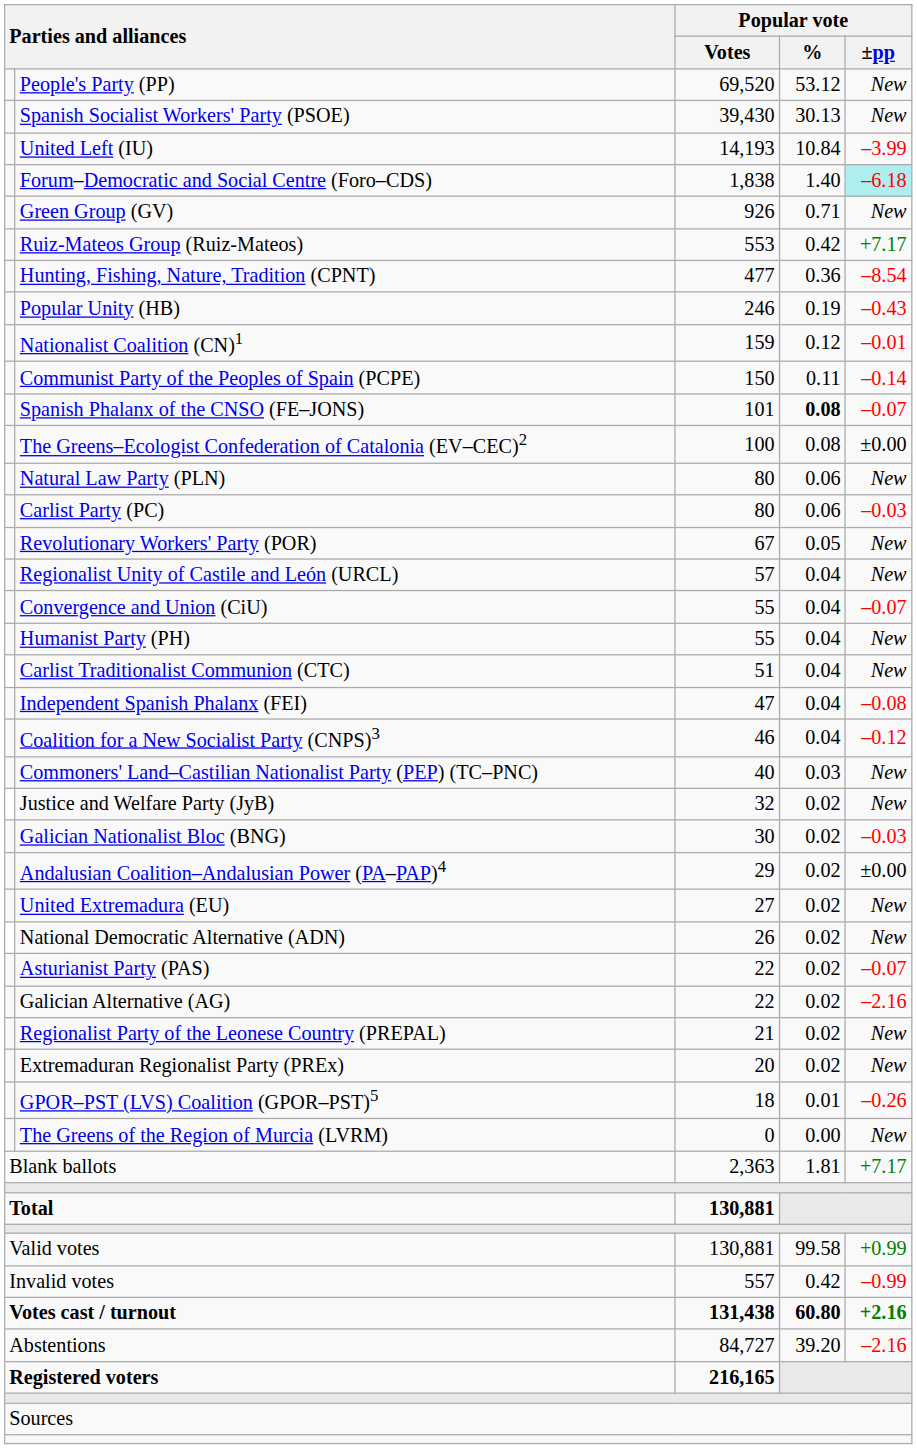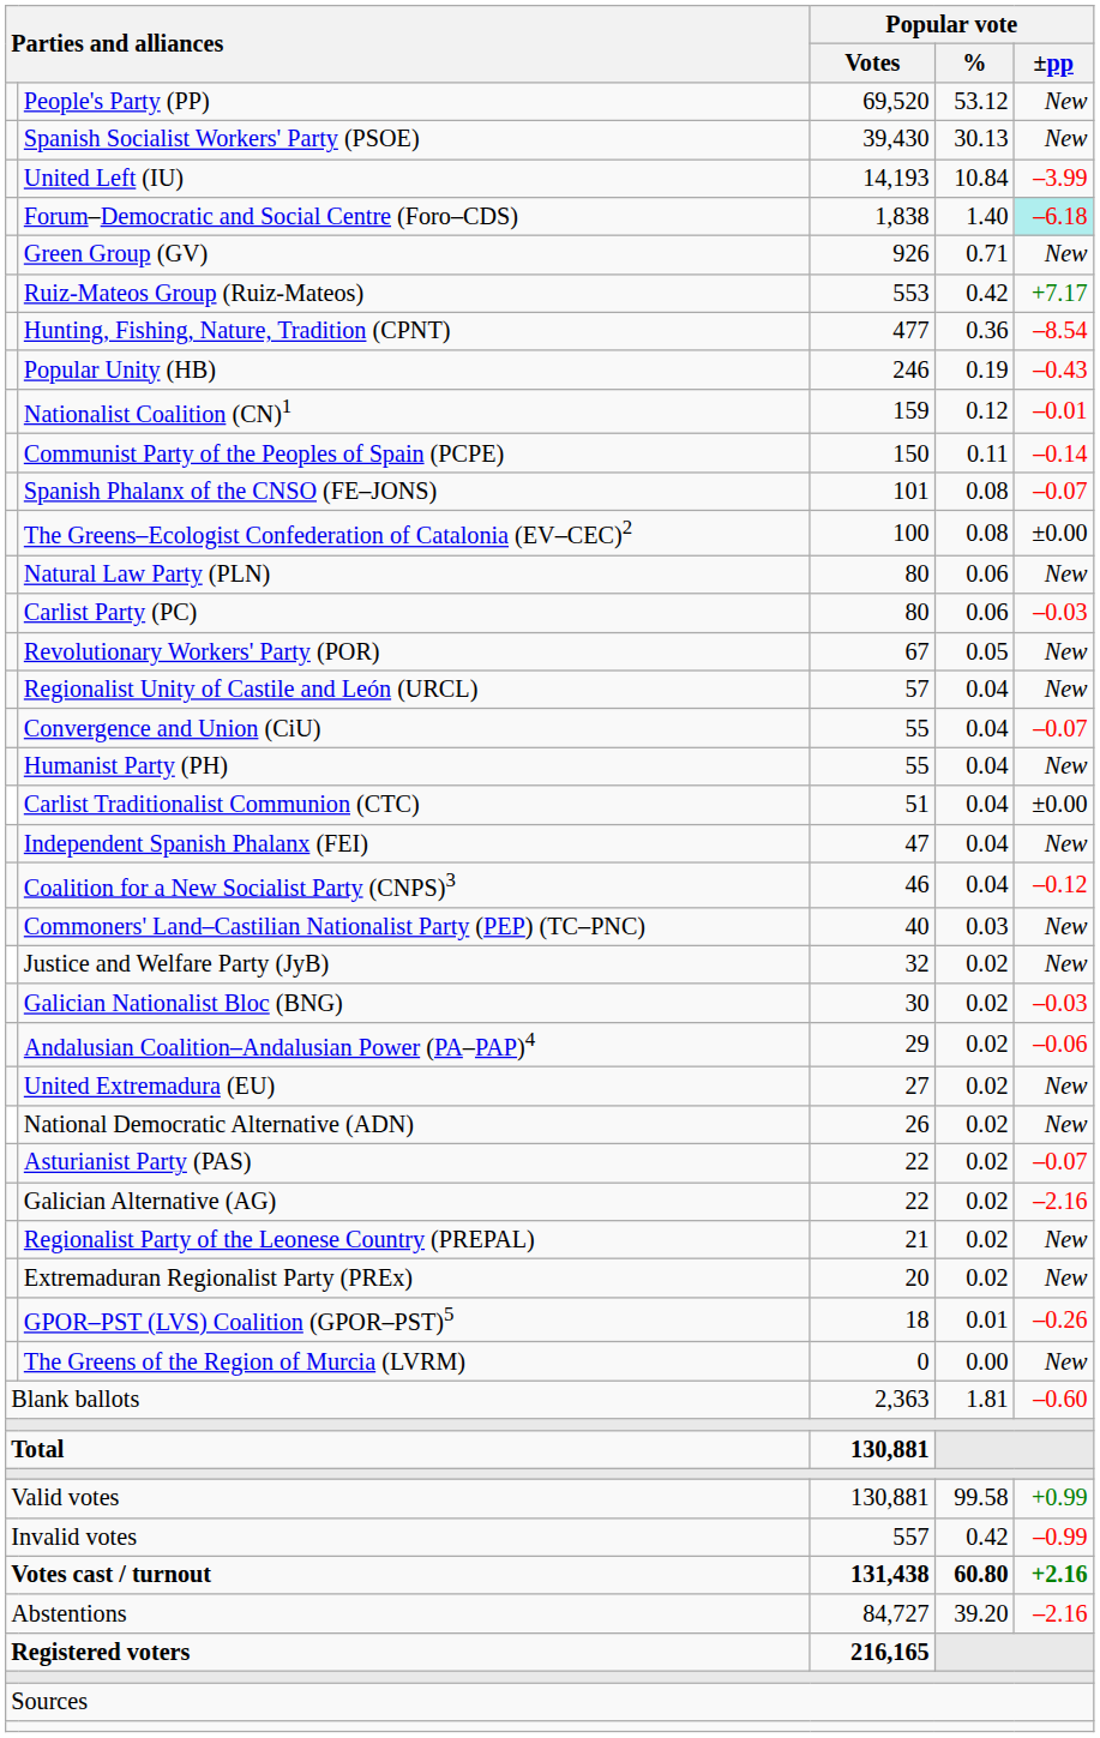 <table class="wikitable" style="text-align:right">
 <tr>
 <th style="text-align:left;" rowspan="2" colspan="2" width="525">Parties and alliances</th>
 <th colspan="3">Popular vote</th>
 </tr>
 <tr>
 <th width="75">Votes</th>
 <th width="45">%</th>
 <th width="45">±<a href='#'>pp</a></th>
 </tr>
 <tr>
 <td width="1" style="color:inherit;background:"></td>
 <td align="left"><a href='#'>People's Party</a> (PP)</td>
 <td>69,520</td>
 <td>53.12</td>
 <td><em>New</em></td>
 </tr>
 <tr>
 <td style="color:inherit;background:"></td>
 <td align="left"><a href='#'>Spanish Socialist Workers' Party</a> (PSOE)</td>
 <td>39,430</td>
 <td>30.13</td>
 <td><em>New</em></td>
 </tr>
 <tr>
 <td style="color:inherit;background:"></td>
 <td align="left"><a href='#'>United Left</a> (IU)</td>
 <td>14,193</td>
 <td>10.84</td>
 <td style="color:red;">–3.99</td>
 </tr>
 <tr>
 <td style="color:inherit;background:"></td>
 <td align="left"><a href='#'>Forum</a>–<a href='#'>Democratic and Social Centre</a> (Foro–CDS)</td>
 <td>1,838</td>
 <td>1.40</td>
 <td style="background: paleturquoise; color:red;">–6.18</td>
 </tr>
 <tr>
 <td style="color:inherit;background:"></td>
 <td align="left"><a href='#'>Green Group</a> (GV)</td>
 <td>926</td>
 <td>0.71</td>
 <td><em>New</em></td>
 </tr>
 <tr>
 <td style="color:inherit;background:"></td>
 <td align="left"><a href='#'>Ruiz-Mateos Group</a> (Ruiz-Mateos)</td>
 <td>553</td>
 <td>0.42</td>
 <td style="color:green;">+7.17</td>
 </tr>
 <tr>
 <td style="color:inherit;background:"></td>
 <td align="left"><a href='#'>Hunting, Fishing, Nature, Tradition</a> (CPNT)</td>
 <td>477</td>
 <td>0.36</td>
 <td style="color:red;">–8.54</td>
 </tr>
 <tr>
 <td style="color:inherit;background:"></td>
 <td align="left"><a href='#'>Popular Unity</a> (HB)</td>
 <td>246</td>
 <td>0.19</td>
 <td style="color:red;">–0.43</td>
 </tr>
 <tr>
 <td style="color:inherit;background:"></td>
 <td align="left"><a href='#'>Nationalist Coalition</a> (CN)<sup>1</sup></td>
 <td>159</td>
 <td>0.12</td>
 <td style="color:red;">–0.01</td>
 </tr>
 <tr>
 <td style="color:inherit;background:"></td>
 <td align="left"><a href='#'>Communist Party of the Peoples of Spain</a> (PCPE)</td>
 <td>150</td>
 <td>0.11</td>
 <td style="color:red;">–0.14</td>
 </tr>
 <tr>
 <td style="color:inherit;background:"></td>
 <td align="left"><a href='#'>Spanish Phalanx of the CNSO</a> (FE–JONS)</td>
 <td>101</td>
-<td><strong>0.08</strong></td>
+<td>0.08</td>
 <td style="color:red;">–0.07</td>
 </tr>
 <tr>
 <td style="color:inherit;background:"></td>
 <td align="left"><a href='#'>The Greens–Ecologist Confederation of Catalonia</a> (EV–CEC)<sup>2</sup></td>
 <td>100</td>
 <td>0.08</td>
 <td>±0.00</td>
 </tr>
 <tr>
 <td style="color:inherit;background:"></td>
 <td align="left"><a href='#'>Natural Law Party</a> (PLN)</td>
 <td>80</td>
 <td>0.06</td>
 <td><em>New</em></td>
 </tr>
 <tr>
 <td style="color:inherit;background:"></td>
 <td align="left"><a href='#'>Carlist Party</a> (PC)</td>
 <td>80</td>
 <td>0.06</td>
 <td style="color:red;">–0.03</td>
 </tr>
 <tr>
 <td style="color:inherit;background:"></td>
 <td align="left"><a href='#'>Revolutionary Workers' Party</a> (POR)</td>
 <td>67</td>
 <td>0.05</td>
 <td><em>New</em></td>
 </tr>
 <tr>
 <td style="color:inherit;background:"></td>
 <td align="left"><a href='#'>Regionalist Unity of Castile and León</a> (URCL)</td>
 <td>57</td>
 <td>0.04</td>
 <td><em>New</em></td>
 </tr>
 <tr>
 <td style="color:inherit;background:"></td>
 <td align="left"><a href='#'>Convergence and Union</a> (CiU)</td>
 <td>55</td>
 <td>0.04</td>
 <td style="color:red;">–0.07</td>
 </tr>
 <tr>
 <td style="color:inherit;background:"></td>
 <td align="left"><a href='#'>Humanist Party</a> (PH)</td>
 <td>55</td>
 <td>0.04</td>
 <td><em>New</em></td>
 </tr>
 <tr>
 <td bgcolor="white"></td>
 <td align="left"><a href='#'>Carlist Traditionalist Communion</a> (CTC)</td>
 <td>51</td>
 <td>0.04</td>
-<td><em>New</em></td>
+<td>±0.00</td>
 </tr>
 <tr>
 <td style="color:inherit;background:"></td>
 <td align="left"><a href='#'>Independent Spanish Phalanx</a> (FEI)</td>
 <td>47</td>
 <td>0.04</td>
-<td style="color:red;">–0.08</td>
+<td><em>New</em></td>
 </tr>
 <tr>
 <td style="color:inherit;background:"></td>
 <td align="left"><a href='#'>Coalition for a New Socialist Party</a> (CNPS)<sup>3</sup></td>
 <td>46</td>
 <td>0.04</td>
 <td style="color:red;">–0.12</td>
 </tr>
 <tr>
 <td style="color:inherit;background:"></td>
 <td align="left"><a href='#'>Commoners' Land–Castilian Nationalist Party</a> (<a href='#'>PEP</a>) (TC–PNC)</td>
 <td>40</td>
 <td>0.03</td>
 <td><em>New</em></td>
 </tr>
 <tr>
 <td bgcolor="white"></td>
 <td align="left">Justice and Welfare Party (JyB)</td>
 <td>32</td>
 <td>0.02</td>
 <td><em>New</em></td>
 </tr>
 <tr>
 <td style="color:inherit;background:"></td>
 <td align="left"><a href='#'>Galician Nationalist Bloc</a> (BNG)</td>
 <td>30</td>
 <td>0.02</td>
 <td style="color:red;">–0.03</td>
 </tr>
 <tr>
 <td style="color:inherit;background:"></td>
 <td align="left"><a href='#'>Andalusian Coalition–Andalusian Power</a> (<a href='#'>PA</a>–<a href='#'>PAP</a>)<sup>4</sup></td>
 <td>29</td>
 <td>0.02</td>
-<td>±0.00</td>
+<td style="color:red;">–0.06</td>
 </tr>
 <tr>
 <td style="color:inherit;background:"></td>
 <td align="left"><a href='#'>United Extremadura</a> (EU)</td>
 <td>27</td>
 <td>0.02</td>
 <td><em>New</em></td>
 </tr>
 <tr>
 <td bgcolor="white"></td>
 <td align="left">National Democratic Alternative (ADN)</td>
 <td>26</td>
 <td>0.02</td>
 <td><em>New</em></td>
 </tr>
 <tr>
 <td style="color:inherit;background:"></td>
 <td align="left"><a href='#'>Asturianist Party</a> (PAS)</td>
 <td>22</td>
 <td>0.02</td>
 <td style="color:red;">–0.07</td>
 </tr>
 <tr>
 <td style="color:inherit;background:"></td>
 <td align="left">Galician Alternative (AG)</td>
 <td>22</td>
 <td>0.02</td>
 <td style="color:red;">–2.16</td>
 </tr>
 <tr>
 <td style="color:inherit;background:"></td>
 <td align="left"><a href='#'>Regionalist Party of the Leonese Country</a> (PREPAL)</td>
 <td>21</td>
 <td>0.02</td>
 <td><em>New</em></td>
 </tr>
 <tr>
 <td style="color:inherit;background:"></td>
 <td align="left">Extremaduran Regionalist Party (PREx)</td>
 <td>20</td>
 <td>0.02</td>
 <td><em>New</em></td>
 </tr>
 <tr>
 <td style="color:inherit;background:"></td>
 <td align="left"><a href='#'>GPOR–PST (LVS) Coalition</a> (GPOR–PST)<sup>5</sup></td>
 <td>18</td>
 <td>0.01</td>
 <td style="color:red;">–0.26</td>
 </tr>
 <tr>
 <td style="color:inherit;background:"></td>
 <td align="left"><a href='#'>The Greens of the Region of Murcia</a> (LVRM)</td>
 <td>0</td>
 <td>0.00</td>
 <td><em>New</em></td>
 </tr>
 <tr>
 <td align="left" colspan="2">Blank ballots</td>
 <td>2,363</td>
 <td>1.81</td>
-<td style="color:green;">+7.17</td>
+<td style="color:red;">–0.60</td>
 </tr>
 <tr>
 <td colspan="5" bgcolor="#E9E9E9"></td>
 </tr>
 <tr style="font-weight:bold;">
 <td align="left" colspan="2">Total</td>
 <td>130,881</td>
 <td bgcolor="#E9E9E9" colspan="2"></td>
 </tr>
 <tr>
 <td colspan="5" bgcolor="#E9E9E9"></td>
 </tr>
 <tr>
 <td align="left" colspan="2">Valid votes</td>
 <td>130,881</td>
 <td>99.58</td>
 <td style="color:green;">+0.99</td>
 </tr>
 <tr>
 <td align="left" colspan="2">Invalid votes</td>
 <td>557</td>
 <td>0.42</td>
 <td style="color:red;">–0.99</td>
 </tr>
 <tr style="font-weight:bold;">
 <td align="left" colspan="2">Votes cast / turnout</td>
 <td>131,438</td>
 <td>60.80</td>
 <td style="color:green;">+2.16</td>
 </tr>
 <tr>
 <td align="left" colspan="2">Abstentions</td>
 <td>84,727</td>
 <td>39.20</td>
 <td style="color:red;">–2.16</td>
 </tr>
 <tr style="font-weight:bold;">
 <td align="left" colspan="2">Registered voters</td>
 <td>216,165</td>
 <td bgcolor="#E9E9E9" colspan="2"></td>
 </tr>
 <tr>
 <td colspan="5" bgcolor="#E9E9E9"></td>
 </tr>
 <tr>
 <td align="left" colspan="5">Sources</td>
 </tr>
 <tr>
 <td colspan="5" style="text-align:left; max-width:680px;"></td>
 </tr>
 </table>
